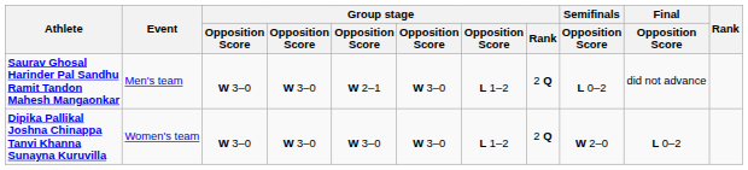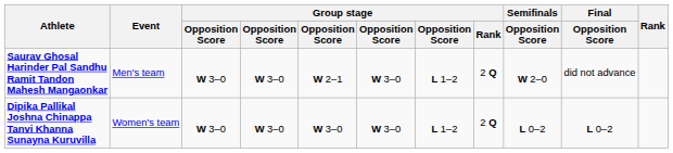 <table class=wikitable style="text-align:center; font-size:90%">
 <tr>
 <th rowspan="2">Athlete</th>
 <th rowspan=2>Event</th>
 <th colspan=6>Group stage</th>
 <th>Semifinals</th>
 <th>Final</th>
 <th rowspan="2">Rank</th>
 </tr>
 <tr>
 <th>Opposition<br>Score</th>
 <th>Opposition<br>Score</th>
 <th>Opposition<br>Score</th>
 <th>Opposition<br>Score</th>
 <th>Opposition<br>Score</th>
 <th>Rank</th>
 <th>Opposition<br>Score</th>
 <th>Opposition<br>Score</th>
 </tr>
 <tr>
 <td align=left><strong><a href='#'>Saurav Ghosal</a><br><a href='#'>Harinder Pal Sandhu</a><br><a href='#'>Ramit Tandon</a><br><a href='#'>Mahesh Mangaonkar</a></strong></td>
 <td align=left rowspan="1"><a href='#'>Men's team</a></td>
 <td><br><strong>W</strong> 3–0</td>
 <td><br><strong>W</strong> 3–0</td>
 <td><br><strong>W</strong> 2–1</td>
 <td><br><strong>W</strong> 3–0</td>
 <td><br><strong>L</strong> 1–2</td>
 <td>2 <strong>Q</strong></td>
-<td><br><strong>L</strong> 0–2</td>
+<td><br><strong>W</strong> 2–0</td>
 <td>did not advance</td>
 <td></td>
 </tr>
 <tr>
 <td align=left><strong><a href='#'>Dipika Pallikal</a><br><a href='#'>Joshna Chinappa</a><br><a href='#'>Tanvi Khanna</a><br><a href='#'>Sunayna Kuruvilla</a></strong></td>
 <td align=left rowspan="1"><a href='#'>Women's team</a></td>
 <td><br><strong>W</strong> 3–0</td>
 <td><br><strong>W</strong> 3–0</td>
 <td><br><strong>W</strong> 3–0</td>
 <td><br><strong>W</strong> 3–0</td>
 <td><br><strong>L</strong> 1–2</td>
 <td>2 <strong>Q</strong></td>
-<td><br><strong>W</strong> 2–0</td>
+<td><br><strong>L</strong> 0–2</td>
 <td><br><strong>L</strong> 0–2</td>
 <td></td>
 </tr>
 </table>
